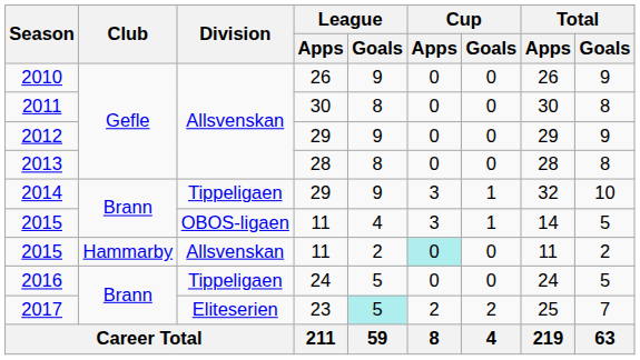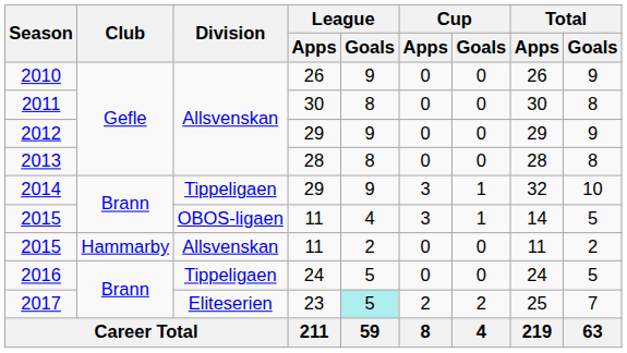 <table class="wikitable" style="text-align: center;">
 <tr>
 <th rowspan="2">Season</th>
 <th rowspan="2">Club</th>
 <th rowspan="2">Division</th>
 <th colspan="2">League</th>
 <th colspan="2">Cup</th>
 <th colspan="2">Total</th>
 </tr>
 <tr>
 <th>Apps</th>
 <th>Goals</th>
 <th>Apps</th>
 <th>Goals</th>
 <th>Apps</th>
 <th>Goals</th>
 </tr>
 <tr>
 <td><a href='#'>2010</a></td>
 <td rowspan="4" valign="center"><a href='#'>Gefle</a></td>
 <td rowspan="4" valign="center"><a href='#'>Allsvenskan</a></td>
 <td>26</td>
 <td>9</td>
 <td>0</td>
 <td>0</td>
 <td>26</td>
 <td>9</td>
 </tr>
 <tr>
 <td><a href='#'>2011</a></td>
 <td>30</td>
 <td>8</td>
 <td>0</td>
 <td>0</td>
 <td>30</td>
 <td>8</td>
 </tr>
 <tr>
 <td><a href='#'>2012</a></td>
 <td>29</td>
 <td>9</td>
 <td>0</td>
 <td>0</td>
 <td>29</td>
 <td>9</td>
 </tr>
 <tr>
 <td><a href='#'>2013</a></td>
 <td>28</td>
 <td>8</td>
 <td>0</td>
 <td>0</td>
 <td>28</td>
 <td>8</td>
 </tr>
 <tr>
 <td><a href='#'>2014</a></td>
 <td rowspan="2" valign="center"><a href='#'>Brann</a></td>
 <td rowspan="1" valign="center"><a href='#'>Tippeligaen</a></td>
 <td>29</td>
 <td>9</td>
 <td>3</td>
 <td>1</td>
 <td>32</td>
 <td>10</td>
 </tr>
 <tr>
 <td><a href='#'>2015</a></td>
 <td rowspan="1" valign="center"><a href='#'>OBOS-ligaen</a></td>
 <td>11</td>
 <td>4</td>
 <td>3</td>
 <td>1</td>
 <td>14</td>
 <td>5</td>
 </tr>
 <tr>
 <td><a href='#'>2015</a></td>
 <td rowspan="1" valign="center"><a href='#'>Hammarby</a></td>
 <td rowspan="1" valign="center"><a href='#'>Allsvenskan</a></td>
 <td>11</td>
 <td>2</td>
-<td style="background: paleturquoise;">0</td>
+<td>0</td>
 <td>0</td>
 <td>11</td>
 <td>2</td>
 </tr>
 <tr>
 <td><a href='#'>2016</a></td>
 <td rowspan="2" valign="center"><a href='#'>Brann</a></td>
 <td rowspan="1" valign="center"><a href='#'>Tippeligaen</a></td>
 <td>24</td>
 <td>5</td>
 <td>0</td>
 <td>0</td>
 <td>24</td>
 <td>5</td>
 </tr>
 <tr>
 <td><a href='#'>2017</a></td>
 <td rowspan="1" valign="center"><a href='#'>Eliteserien</a></td>
 <td>23</td>
 <td style="background: paleturquoise;">5</td>
 <td>2</td>
 <td>2</td>
 <td>25</td>
 <td>7</td>
 </tr>
 <tr>
 <th colspan="3">Career Total</th>
 <th>211</th>
 <th>59</th>
 <th>8</th>
 <th>4</th>
 <th>219</th>
 <th>63</th>
 </tr>
 </table>
